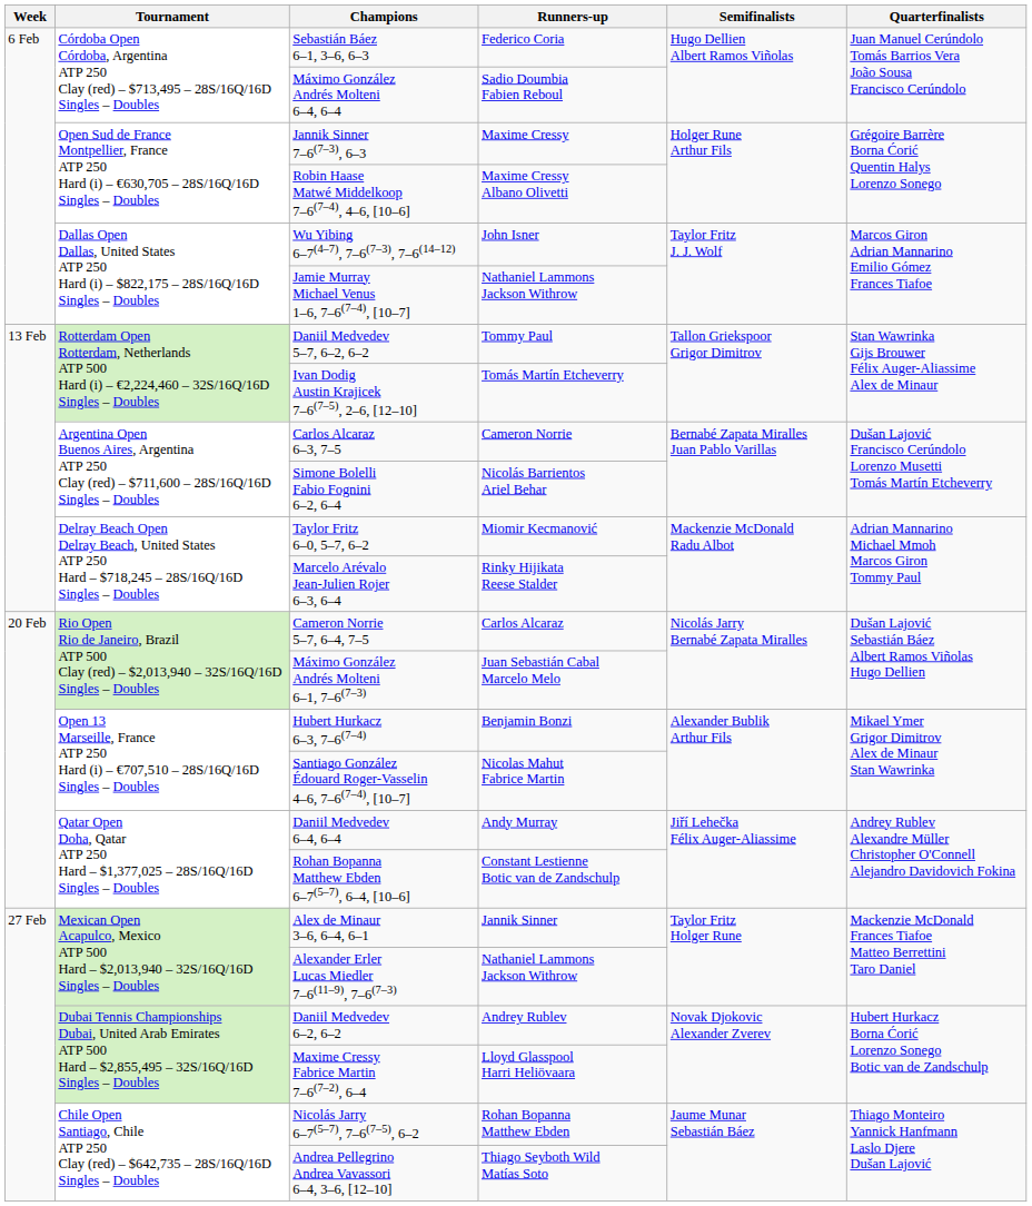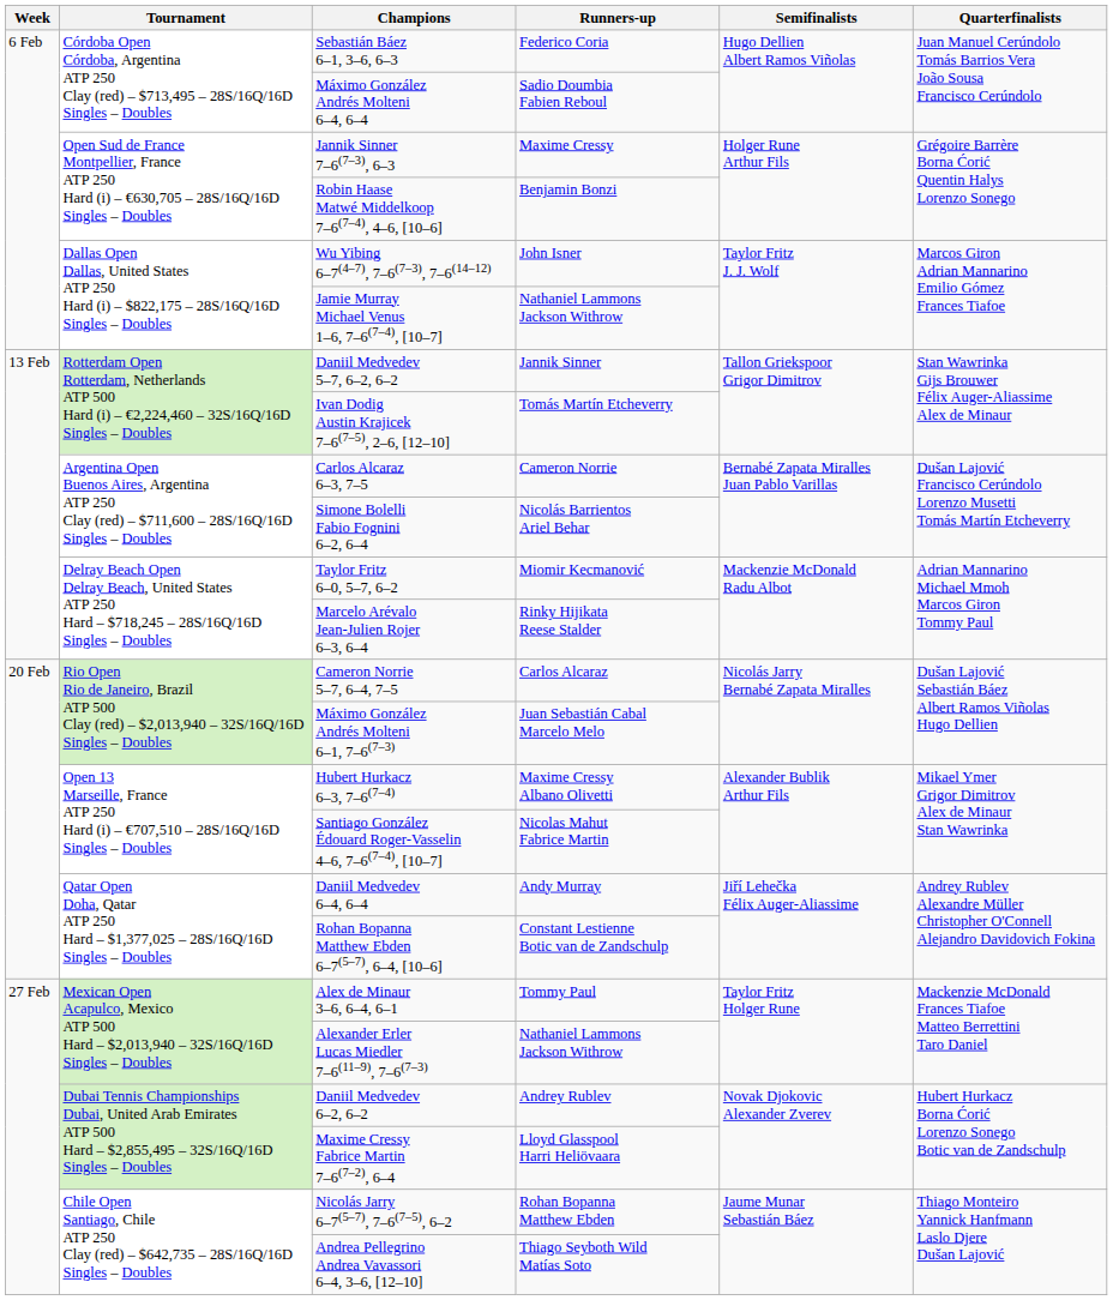 <table class=wikitable style=font-size:95%>
 <tr>
 <th style="width:48px;">Week</th>
 <th style="width:250px;">Tournament</th>
 <th style="width:200px;">Champions</th>
 <th style="width:200px;">Runners-up</th>
 <th style="width:190px;">Semifinalists</th>
 <th style="width:190px;">Quarterfinalists</th>
 </tr>
 <tr valign="top">
 <td rowspan=6>6 Feb</td>
 <td style="background:#fff;" rowspan="2"><a href='#'>Córdoba Open</a><br> <a href='#'>Córdoba</a>, Argentina <br> ATP 250 <br>Clay (red) – $713,495 – 28S/16Q/16D<br><a href='#'>Singles</a> – <a href='#'>Doubles</a></td>
 <td> <a href='#'>Sebastián Báez</a> <br>6–1, 3–6, 6–3</td>
 <td> <a href='#'>Federico Coria</a></td>
 <td rowspan=2> <a href='#'>Hugo Dellien</a> <br>  <a href='#'>Albert Ramos Viñolas</a></td>
 <td rowspan=2> <a href='#'>Juan Manuel Cerúndolo</a> <br>   <a href='#'>Tomás Barrios Vera</a> <br>  <a href='#'>João Sousa</a> <br>  <a href='#'>Francisco Cerúndolo</a></td>
 </tr>
 <tr valign="top">
 <td> <a href='#'>Máximo González</a> <br>  <a href='#'>Andrés Molteni</a> <br>6–4, 6–4</td>
 <td> <a href='#'>Sadio Doumbia</a> <br>  <a href='#'>Fabien Reboul</a></td>
 </tr>
 <tr valign="top">
 <td style="background:#fff;" rowspan="2"><a href='#'>Open Sud de France</a><br><a href='#'>Montpellier</a>, France <br> ATP 250 <br>Hard (i) – €630,705 – 28S/16Q/16D<br><a href='#'>Singles</a> – <a href='#'>Doubles</a></td>
 <td> <a href='#'>Jannik Sinner</a><br> 7–6<sup>(7–3)</sup>, 6–3</td>
 <td> <a href='#'>Maxime Cressy</a></td>
 <td rowspan=2> <a href='#'>Holger Rune</a> <br>  <a href='#'>Arthur Fils</a></td>
 <td rowspan=2> <a href='#'>Grégoire Barrère</a> <br>  <a href='#'>Borna Ćorić</a> <br>  <a href='#'>Quentin Halys</a> <br>  <a href='#'>Lorenzo Sonego</a></td>
 </tr>
 <tr valign="top">
 <td> <a href='#'>Robin Haase</a><br>  <a href='#'>Matwé Middelkoop</a> <br> 7–6<sup>(7–4)</sup>, 4–6, [10–6]</td>
-<td> <a href='#'>Maxime Cressy</a> <br>  <a href='#'>Albano Olivetti</a></td>
+<td> <a href='#'>Benjamin Bonzi</a></td>
 </tr>
 <tr valign="top">
 <td style="background:#fff;" rowspan="2"><a href='#'>Dallas Open</a> <br> <a href='#'>Dallas</a>, United States<br>ATP 250 <br>Hard (i) – $822,175 – 28S/16Q/16D <br><a href='#'>Singles</a> – <a href='#'>Doubles</a></td>
 <td> <a href='#'>Wu Yibing</a><br> 6–7<sup>(4–7)</sup>, 7–6<sup>(7–3)</sup>, 7–6<sup>(14–12)</sup></td>
 <td> <a href='#'>John Isner</a></td>
 <td rowspan=2> <a href='#'>Taylor Fritz</a><br>  <a href='#'>J. J. Wolf</a></td>
 <td rowspan=2> <a href='#'>Marcos Giron</a> <br>  <a href='#'>Adrian Mannarino</a> <br>  <a href='#'>Emilio Gómez</a> <br>  <a href='#'>Frances Tiafoe</a></td>
 </tr>
 <tr valign="top">
 <td> <a href='#'>Jamie Murray</a> <br>  <a href='#'>Michael Venus</a> <br> 1–6, 7–6<sup>(7–4)</sup>, [10–7]</td>
 <td> <a href='#'>Nathaniel Lammons</a> <br>  <a href='#'>Jackson Withrow</a></td>
 </tr>
 <tr valign="top">
 <td rowspan=6>13 Feb</td>
 <td rowspan="2" style="background:#D4F1C5;"><a href='#'>Rotterdam Open</a><br> <a href='#'>Rotterdam</a>, Netherlands <br> ATP 500 <br>Hard (i) – €2,224,460 – 32S/16Q/16D <br><a href='#'>Singles</a> – <a href='#'>Doubles</a></td>
 <td> <a href='#'>Daniil Medvedev</a> <br> 5–7, 6–2, 6–2</td>
-<td> <a href='#'>Tommy Paul</a></td>
+<td> <a href='#'>Jannik Sinner</a></td>
 <td rowspan=2> <a href='#'>Tallon Griekspoor</a> <br>  <a href='#'>Grigor Dimitrov</a></td>
 <td rowspan=2> <a href='#'>Stan Wawrinka</a> <br>  <a href='#'>Gijs Brouwer</a> <br>  <a href='#'>Félix Auger-Aliassime</a> <br>  <a href='#'>Alex de Minaur</a></td>
 </tr>
 <tr style="vertical-align:top">
 <td> <a href='#'>Ivan Dodig</a><br>  <a href='#'>Austin Krajicek</a><br>7–6<sup>(7–5)</sup>, 2–6, [12–10]</td>
 <td> <a href='#'>Tomás Martín Etcheverry</a></td>
 </tr>
 <tr valign="top">
 <td style="background:#fff;" rowspan="2"><a href='#'>Argentina Open</a><br> <a href='#'>Buenos Aires</a>, Argentina<br>ATP 250 <br>Clay (red) – $711,600 – 28S/16Q/16D <br><a href='#'>Singles</a> – <a href='#'>Doubles</a></td>
 <td> <a href='#'>Carlos Alcaraz</a> <br> 6–3, 7–5</td>
 <td> <a href='#'>Cameron Norrie</a></td>
 <td rowspan=2> <a href='#'>Bernabé Zapata Miralles</a> <br>  <a href='#'>Juan Pablo Varillas</a></td>
 <td rowspan=2> <a href='#'>Dušan Lajović</a> <br>  <a href='#'>Francisco Cerúndolo</a> <br>  <a href='#'>Lorenzo Musetti</a><br>  <a href='#'>Tomás Martín Etcheverry</a></td>
 </tr>
 <tr style="vertical-align:top">
 <td> <a href='#'>Simone Bolelli</a><br>  <a href='#'>Fabio Fognini</a><br>6–2, 6–4</td>
 <td> <a href='#'>Nicolás Barrientos</a><br>  <a href='#'>Ariel Behar</a></td>
 </tr>
 <tr valign="top">
 <td style="background:#fff;" rowspan="2"><a href='#'>Delray Beach Open</a><br> <a href='#'>Delray Beach</a>, United States<br>ATP 250 <br>Hard – $718,245 – 28S/16Q/16D <br><a href='#'>Singles</a> – <a href='#'>Doubles</a></td>
 <td> <a href='#'>Taylor Fritz</a><br>6–0, 5–7, 6–2</td>
 <td> <a href='#'>Miomir Kecmanović</a></td>
 <td rowspan=2> <a href='#'>Mackenzie McDonald</a> <br>  <a href='#'>Radu Albot</a></td>
 <td rowspan=2> <a href='#'>Adrian Mannarino</a><br>  <a href='#'>Michael Mmoh</a> <br>  <a href='#'>Marcos Giron</a> <br>  <a href='#'>Tommy Paul</a></td>
 </tr>
 <tr valign="top">
 <td> <a href='#'>Marcelo Arévalo</a><br>  <a href='#'>Jean-Julien Rojer</a> <br>6–3, 6–4</td>
 <td> <a href='#'>Rinky Hijikata</a><br>  <a href='#'>Reese Stalder</a></td>
 </tr>
 <tr valign="top">
 <td rowspan=6>20 Feb</td>
 <td style="background:#D4F1C5;" rowspan="2"><a href='#'>Rio Open</a><br> <a href='#'>Rio de Janeiro</a>, Brazil<br>ATP 500 <br>Clay (red) – $2,013,940 – 32S/16Q/16D <br><a href='#'>Singles</a> – <a href='#'>Doubles</a></td>
 <td> <a href='#'>Cameron Norrie</a> <br> 5–7, 6–4, 7–5</td>
 <td> <a href='#'>Carlos Alcaraz</a></td>
 <td rowspan=2> <a href='#'>Nicolás Jarry</a> <br>  <a href='#'>Bernabé Zapata Miralles</a></td>
 <td rowspan=2> <a href='#'>Dušan Lajović</a> <br>  <a href='#'>Sebastián Báez</a><br>  <a href='#'>Albert Ramos Viñolas</a><br>  <a href='#'>Hugo Dellien</a></td>
 </tr>
 <tr style="vertical-align:top">
 <td> <a href='#'>Máximo González</a><br> <a href='#'>Andrés Molteni</a> <br> 6–1, 7–6<sup>(7–3)</sup></td>
 <td> <a href='#'>Juan Sebastián Cabal</a><br> <a href='#'>Marcelo Melo</a></td>
 </tr>
 <tr valign="top">
 <td style="background:#fff;" rowspan="2"><a href='#'>Open 13</a><br> <a href='#'>Marseille</a>, France<br>ATP 250 <br>Hard (i) – €707,510 – 28S/16Q/16D <br> <a href='#'>Singles</a> – <a href='#'>Doubles</a></td>
 <td> <a href='#'>Hubert Hurkacz</a><br>6–3, 7–6<sup>(7–4) </sup></td>
-<td> <a href='#'>Benjamin Bonzi</a></td>
+<td> <a href='#'>Maxime Cressy</a> <br>  <a href='#'>Albano Olivetti</a></td>
 <td rowspan=2> <a href='#'>Alexander Bublik</a><br>  <a href='#'>Arthur Fils</a></td>
 <td rowspan=2> <a href='#'>Mikael Ymer</a> <br>  <a href='#'>Grigor Dimitrov</a> <br>  <a href='#'>Alex de Minaur</a><br>  <a href='#'>Stan Wawrinka</a></td>
 </tr>
 <tr valign="top">
 <td> <a href='#'>Santiago González</a><br> <a href='#'>Édouard Roger-Vasselin</a><br>4–6, 7–6<sup>(7–4)</sup>, [10–7]</td>
 <td> <a href='#'>Nicolas Mahut</a><br>  <a href='#'>Fabrice Martin</a></td>
 </tr>
 <tr valign="top">
 <td style="background:#fff;" rowspan="2"><a href='#'>Qatar Open</a><br> <a href='#'>Doha</a>, Qatar<br>ATP 250 <br>Hard – $1,377,025 – 28S/16Q/16D <br> <a href='#'>Singles</a> – <a href='#'>Doubles</a></td>
 <td> <a href='#'>Daniil Medvedev</a><br>6–4, 6–4</td>
 <td> <a href='#'>Andy Murray</a></td>
 <td rowspan=2> <a href='#'>Jiří Lehečka</a> <br>  <a href='#'>Félix Auger-Aliassime</a></td>
 <td rowspan="2"> <a href='#'>Andrey Rublev</a> <br>  <a href='#'>Alexandre Müller</a><br>  <a href='#'>Christopher O'Connell</a> <br>  <a href='#'>Alejandro Davidovich Fokina</a></td>
 </tr>
 <tr valign="top">
 <td> <a href='#'>Rohan Bopanna</a> <br>  <a href='#'>Matthew Ebden</a><br> 6–7<sup>(5–7)</sup>, 6–4, [10–6]</td>
 <td> <a href='#'>Constant Lestienne</a>  <br> <a href='#'>Botic van de Zandschulp</a></td>
 </tr>
 <tr valign="top">
 <td rowspan=6>27 Feb</td>
 <td style="background:#D4F1C5;" rowspan="2"><a href='#'>Mexican Open</a><br> <a href='#'>Acapulco</a>, Mexico<br>ATP 500 <br>Hard – $2,013,940 – 32S/16Q/16D <br> <a href='#'>Singles</a> – <a href='#'>Doubles</a></td>
 <td> <a href='#'>Alex de Minaur</a> <br>3–6, 6–4, 6–1</td>
-<td> <a href='#'>Jannik Sinner</a></td>
+<td> <a href='#'>Tommy Paul</a></td>
 <td rowspan=2> <a href='#'>Taylor Fritz</a> <br>  <a href='#'>Holger Rune</a></td>
 <td rowspan=2> <a href='#'>Mackenzie McDonald</a> <br>  <a href='#'>Frances Tiafoe</a> <br>  <a href='#'>Matteo Berrettini</a> <br>  <a href='#'>Taro Daniel</a></td>
 </tr>
 <tr valign="top">
 <td> <a href='#'>Alexander Erler</a><br>  <a href='#'>Lucas Miedler</a> <br>7–6<sup>(11–9)</sup>, 7–6<sup>(7–3)</sup></td>
 <td> <a href='#'>Nathaniel Lammons</a><br>  <a href='#'>Jackson Withrow</a></td>
 </tr>
 <tr valign="top">
 <td style="background:#D4F1C5;" rowspan="2"><a href='#'>Dubai Tennis Championships</a><br> <a href='#'>Dubai</a>, United Arab Emirates<br>ATP 500 <br>Hard – $2,855,495 – 32S/16Q/16D <br><a href='#'>Singles</a> – <a href='#'>Doubles</a></td>
 <td> <a href='#'>Daniil Medvedev</a> <br>6–2, 6–2</td>
 <td> <a href='#'>Andrey Rublev</a></td>
 <td rowspan=2> <a href='#'>Novak Djokovic</a> <br> <a href='#'>Alexander Zverev</a></td>
 <td rowspan=2> <a href='#'>Hubert Hurkacz</a><br>  <a href='#'>Borna Ćorić</a> <br>  <a href='#'>Lorenzo Sonego</a> <br>  <a href='#'>Botic van de Zandschulp</a></td>
 </tr>
 <tr valign="top">
 <td> <a href='#'>Maxime Cressy</a> <br>  <a href='#'>Fabrice Martin</a><br> 7–6<sup>(7–2)</sup>, 6–4</td>
 <td> <a href='#'>Lloyd Glasspool</a><br> <a href='#'>Harri Heliövaara</a></td>
 </tr>
 <tr valign="top">
 <td style="background:#fff;" rowspan="2"><a href='#'>Chile Open</a><br> <a href='#'>Santiago</a>, Chile<br>ATP 250 <br>Clay (red) – $642,735 – 28S/16Q/16D <br> <a href='#'>Singles</a> – <a href='#'>Doubles</a></td>
 <td> <a href='#'>Nicolás Jarry</a> <br> 6–7<sup>(5–7)</sup>, 7–6<sup>(7–5)</sup>, 6–2</td>
 <td> <a href='#'>Rohan Bopanna</a><br>  <a href='#'>Matthew Ebden</a></td>
 <td rowspan=2> <a href='#'>Jaume Munar</a><br>  <a href='#'>Sebastián Báez</a></td>
 <td rowspan=2> <a href='#'>Thiago Monteiro</a><br>  <a href='#'>Yannick Hanfmann</a> <br>  <a href='#'>Laslo Djere</a> <br>  <a href='#'>Dušan Lajović</a></td>
 </tr>
 <tr valign="top">
 <td> <a href='#'>Andrea Pellegrino</a><br>  <a href='#'>Andrea Vavassori</a><br>6–4, 3–6, [12–10]</td>
 <td> <a href='#'>Thiago Seyboth Wild</a><br>  <a href='#'>Matías Soto</a></td>
 </tr>
 </table>
